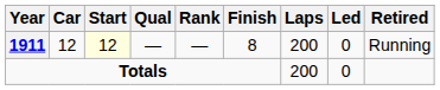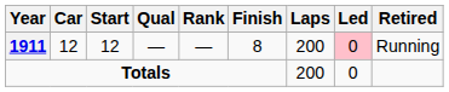 <table class="wikitable" style="text-align:center">
 <tr>
 <th>Year</th>
 <th>Car</th>
 <th>Start</th>
 <th>Qual</th>
 <th>Rank</th>
 <th>Finish</th>
 <th>Laps</th>
 <th>Led</th>
 <th>Retired</th>
 </tr>
 <tr>
 <th><a href='#'>1911</a></th>
 <td>12</td>
-<td style="background: lightyellow;">12</td>
+<td>12</td>
 <td>—</td>
 <td>—</td>
 <td>8</td>
 <td>200</td>
-<td>0</td>
+<td style="background: pink;">0</td>
 <td>Running</td>
 </tr>
 <tr>
 <td colspan=6><strong>Totals</strong></td>
 <td>200</td>
 <td>0</td>
 <td></td>
 </tr>
 </table>
